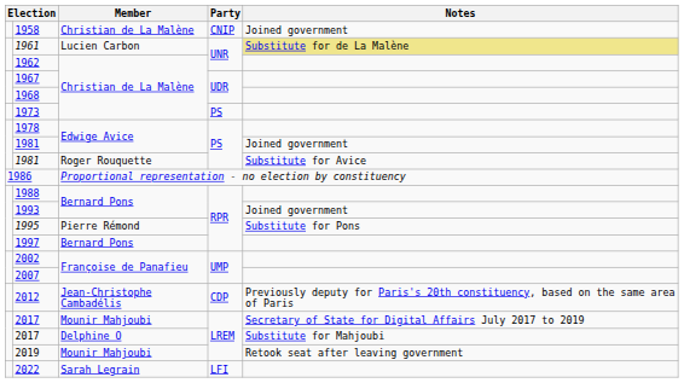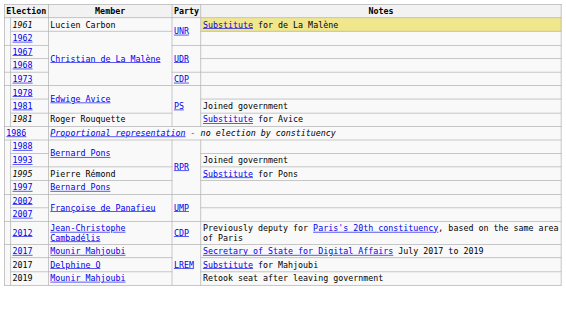 <table class="wikitable">
 <tr>
 <th colspan="2">Election</th>
 <th>Member</th>
 <th>Party</th>
 <th>Notes</th>
-</tr>
-<tr>
-<td style="color:inherit;background-color: "></td>
-<td><a href='#'>1958</a></td>
-<td><a href='#'>Christian de La Malène</a></td>
-<td><a href='#'>CNIP</a></td>
-<td>Joined government</td>
 </tr>
 <tr>
 <td rowspan="2" style="color:inherit;background-color: "></td>
 <td><em>1961</em></td>
 <td>Lucien Carbon</td>
 <td rowspan="2"><a href='#'>UNR</a></td>
 <td style="background: khaki;"><a href='#'>Substitute</a> for de La Malène</td>
 </tr>
 <tr>
 <td><a href='#'>1962</a></td>
 <td rowspan="4"><a href='#'>Christian de La Malène</a></td>
 <td></td>
 </tr>
 <tr>
 <td rowspan="2" style="color:inherit;background-color: "></td>
 <td><a href='#'>1967</a></td>
 <td rowspan="2"><a href='#'>UDR</a></td>
 <td></td>
 </tr>
 <tr>
 <td><a href='#'>1968</a></td>
 <td></td>
 </tr>
 <tr>
 <td style="color:inherit;background-color: "></td>
 <td><a href='#'>1973</a></td>
-<td><a href='#'>PS</a></td>
+<td><a href='#'>CDP</a></td>
 <td></td>
 </tr>
 <tr>
 <td rowspan="3" style="color:inherit;background-color: "></td>
 <td><a href='#'>1978</a></td>
 <td rowspan="2"><a href='#'>Edwige Avice</a></td>
 <td rowspan="3"><a href='#'>PS</a></td>
 <td></td>
 </tr>
 <tr>
 <td><a href='#'>1981</a></td>
 <td>Joined government</td>
 </tr>
 <tr>
 <td><em>1981</em></td>
 <td>Roger Rouquette</td>
 <td><a href='#'>Substitute</a> for Avice</td>
 </tr>
 <tr>
 <td colspan="2"><a href='#'>1986</a></td>
 <td colspan="3"><em><a href='#'>Proportional representation</a> - no election by constituency</em></td>
 </tr>
 <tr>
 <td rowspan="4" style="color:inherit;background-color: "></td>
 <td><a href='#'>1988</a></td>
 <td rowspan="2"><a href='#'>Bernard Pons</a></td>
 <td rowspan="4"><a href='#'>RPR</a></td>
 <td></td>
 </tr>
 <tr>
 <td><a href='#'>1993</a></td>
 <td>Joined government</td>
 </tr>
 <tr>
 <td><em>1995</em></td>
 <td>Pierre Rémond</td>
 <td><a href='#'>Substitute</a> for Pons</td>
 </tr>
 <tr>
 <td><a href='#'>1997</a></td>
 <td><a href='#'>Bernard Pons</a></td>
 <td></td>
 </tr>
 <tr>
 <td rowspan="2" style="color:inherit;background-color: "></td>
 <td><a href='#'>2002</a></td>
 <td rowspan="2"><a href='#'>Françoise de Panafieu</a></td>
 <td rowspan="2"><a href='#'>UMP</a></td>
 <td></td>
 </tr>
 <tr>
 <td><a href='#'>2007</a></td>
 <td></td>
 </tr>
 <tr>
 <td style="color:inherit;background-color: "></td>
 <td><a href='#'>2012</a></td>
 <td><a href='#'>Jean-Christophe Cambadélis</a></td>
 <td><a href='#'>CDP</a></td>
 <td>Previously deputy for <a href='#'>Paris's 20th constituency</a>, based on the same area of Paris</td>
 </tr>
 <tr>
 <td rowspan=3 style="color:inherit;background-color: "></td>
 <td><a href='#'>2017</a></td>
 <td><a href='#'>Mounir Mahjoubi</a></td>
 <td rowspan=3><a href='#'>LREM</a></td>
 <td><a href='#'>Secretary of State for Digital Affairs</a> July 2017 to 2019</td>
 </tr>
 <tr>
 <td>2017</td>
 <td><a href='#'>Delphine O</a></td>
 <td><a href='#'>Substitute</a> for Mahjoubi</td>
 </tr>
 <tr>
 <td>2019</td>
 <td><a href='#'>Mounir Mahjoubi</a></td>
 <td>Retook seat after leaving government</td>
 </tr>
-<tr>
-<td style="color:inherit;background-color: "></td>
-<td><a href='#'>2022</a></td>
-<td><a href='#'>Sarah Legrain</a></td>
-<td><a href='#'>LFI</a></td>
-<td></td>
-</tr>
 </table>
